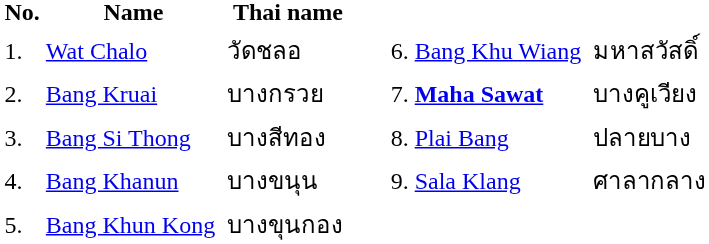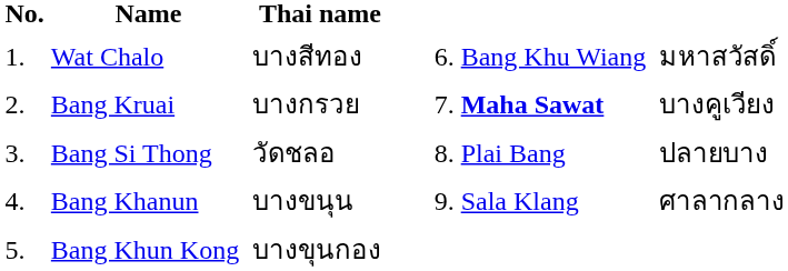 <table>
 <tr>
 <th>No.</th>
 <th>Name</th>
 <th>Thai name</th>
 <th></th>
 <td>    </td>
 </tr>
 <tr>
 <td>1.</td>
 <td><a href='#'>Wat Chalo</a></td>
-<td>วัดชลอ</td>
+<td>บางสีทอง</td>
 <td></td>
 <td></td>
 <td>6.</td>
 <td><a href='#'>Bang Khu Wiang</a> </td>
 <td>มหาสวัสดิ์</td>
 <td></td>
 </tr>
 <tr>
 <td>2.</td>
 <td><a href='#'>Bang Kruai</a></td>
 <td>บางกรวย</td>
 <td></td>
 <td></td>
 <td>7.</td>
 <td><strong><a href='#'>Maha Sawat</a></strong></td>
 <td>บางคูเวียง</td>
 <td></td>
 </tr>
 <tr>
 <td>3.</td>
 <td><a href='#'>Bang Si Thong</a></td>
-<td>บางสีทอง</td>
+<td>วัดชลอ</td>
 <td></td>
 <td></td>
 <td>8.</td>
 <td><a href='#'>Plai Bang</a></td>
 <td>ปลายบาง</td>
 <td></td>
 </tr>
 <tr>
 <td>4.</td>
 <td><a href='#'>Bang Khanun</a></td>
 <td>บางขนุน</td>
 <td></td>
 <td></td>
 <td>9.</td>
 <td><a href='#'>Sala Klang</a></td>
 <td>ศาลากลาง </td>
 <td></td>
 </tr>
 <tr>
 <td>5.</td>
 <td><a href='#'>Bang Khun Kong</a> </td>
 <td>บางขุนกอง </td>
 <td></td>
 </tr>
 </table>
